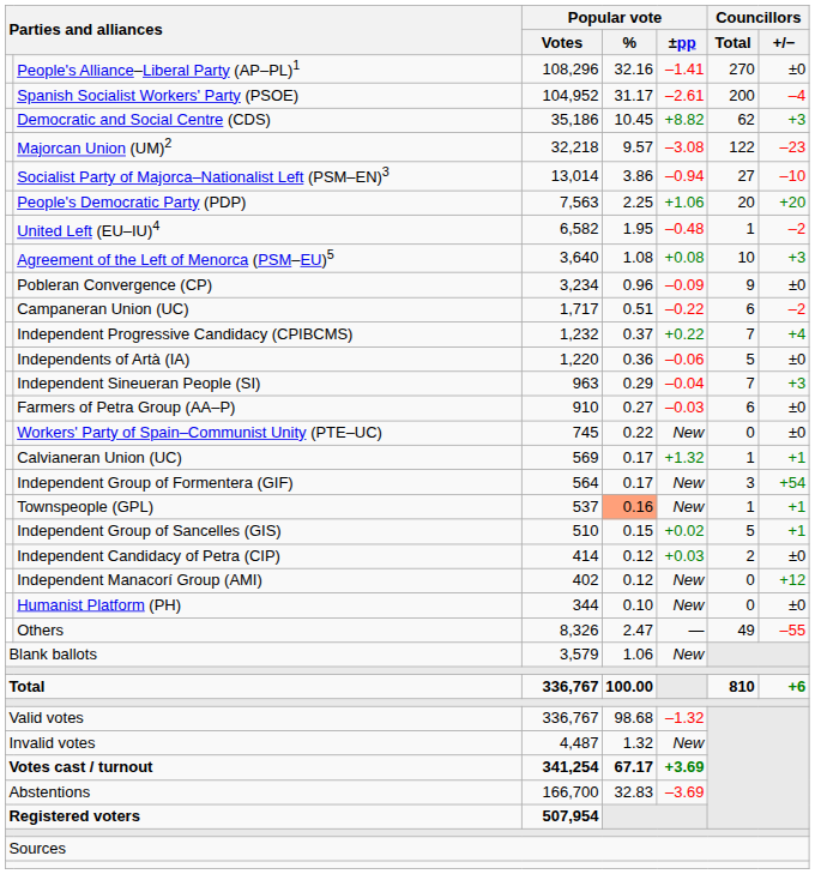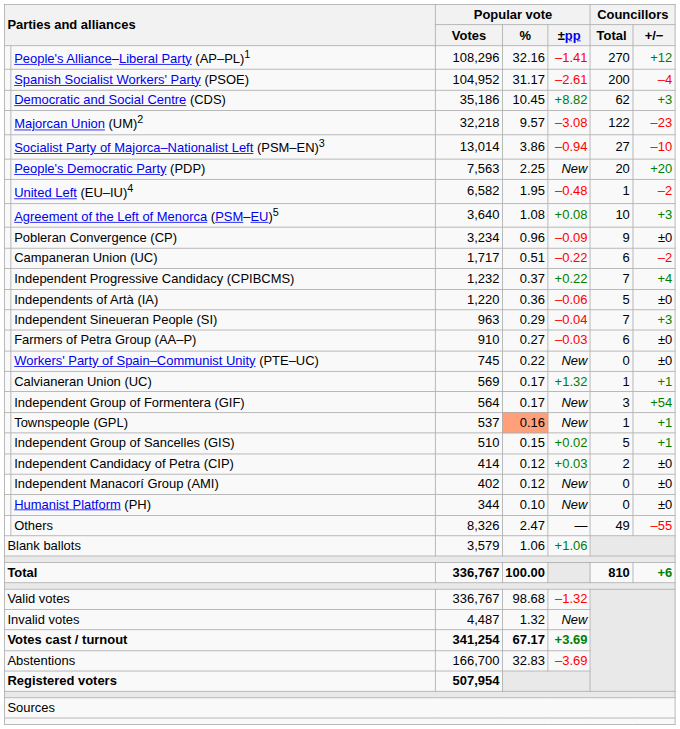 <table class="wikitable" style="text-align:right;">
 <tr>
 <th style="text-align:left;" rowspan="2" colspan="2" width="525">Parties and alliances</th>
 <th colspan="3">Popular vote</th>
 <th colspan="2">Councillors</th>
 </tr>
 <tr>
 <th width="75">Votes</th>
 <th width="45">%</th>
 <th width="45">±<a href='#'>pp</a></th>
 <th width="45">Total</th>
 <th width="45">+/−</th>
 </tr>
 <tr>
 <td width="1" style="color:inherit;background:"></td>
 <td align="left"><a href='#'>People's Alliance</a>–<a href='#'>Liberal Party</a> (AP–PL)<sup>1</sup></td>
 <td>108,296</td>
 <td>32.16</td>
 <td style="color:red;">–1.41</td>
 <td>270</td>
-<td>±0</td>
+<td style="color:green;">+12</td>
 </tr>
 <tr>
 <td style="color:inherit;background:"></td>
 <td align="left"><a href='#'>Spanish Socialist Workers' Party</a> (PSOE)</td>
 <td>104,952</td>
 <td>31.17</td>
 <td style="color:red;">–2.61</td>
 <td>200</td>
 <td style="color:red;">–4</td>
 </tr>
 <tr>
 <td style="color:inherit;background:"></td>
 <td align="left"><a href='#'>Democratic and Social Centre</a> (CDS)</td>
 <td>35,186</td>
 <td>10.45</td>
 <td style="color:green;">+8.82</td>
 <td>62</td>
 <td style="color:green;">+3</td>
 </tr>
 <tr>
 <td style="color:inherit;background:"></td>
 <td align="left"><a href='#'>Majorcan Union</a> (UM)<sup>2</sup></td>
 <td>32,218</td>
 <td>9.57</td>
 <td style="color:red;">–3.08</td>
 <td>122</td>
 <td style="color:red;">–23</td>
 </tr>
 <tr>
 <td style="color:inherit;background:"></td>
 <td align="left"><a href='#'>Socialist Party of Majorca–Nationalist Left</a> (PSM–EN)<sup>3</sup></td>
 <td>13,014</td>
 <td>3.86</td>
 <td style="color:red;">–0.94</td>
 <td>27</td>
 <td style="color:red;">–10</td>
 </tr>
 <tr>
 <td style="color:inherit;background:"></td>
 <td align="left"><a href='#'>People's Democratic Party</a> (PDP)</td>
 <td>7,563</td>
 <td>2.25</td>
-<td style="color:green;">+1.06</td>
+<td><em>New</em></td>
 <td>20</td>
 <td style="color:green;">+20</td>
 </tr>
 <tr>
 <td style="color:inherit;background:"></td>
 <td align="left"><a href='#'>United Left</a> (EU–IU)<sup>4</sup></td>
 <td>6,582</td>
 <td>1.95</td>
 <td style="color:red;">–0.48</td>
 <td>1</td>
 <td style="color:red;">–2</td>
 </tr>
 <tr>
 <td style="color:inherit;background:"></td>
 <td align="left"><a href='#'>Agreement of the Left of Menorca</a> (<a href='#'>PSM</a>–<a href='#'>EU</a>)<sup>5</sup></td>
 <td>3,640</td>
 <td>1.08</td>
 <td style="color:green;">+0.08</td>
 <td>10</td>
 <td style="color:green;">+3</td>
 </tr>
 <tr>
 <td style="color:inherit;background:"></td>
 <td align="left">Pobleran Convergence (CP)</td>
 <td>3,234</td>
 <td>0.96</td>
 <td style="color:red;">–0.09</td>
 <td>9</td>
 <td>±0</td>
 </tr>
 <tr>
 <td style="color:inherit;background:"></td>
 <td align="left">Campaneran Union (UC)</td>
 <td>1,717</td>
 <td>0.51</td>
 <td style="color:red;">–0.22</td>
 <td>6</td>
 <td style="color:red;">–2</td>
 </tr>
 <tr>
 <td style="color:inherit;background:"></td>
 <td align="left">Independent Progressive Candidacy (CPIBCMS)</td>
 <td>1,232</td>
 <td>0.37</td>
 <td style="color:green;">+0.22</td>
 <td>7</td>
 <td style="color:green;">+4</td>
 </tr>
 <tr>
 <td style="color:inherit;background:"></td>
 <td align="left">Independents of Artà (IA)</td>
 <td>1,220</td>
 <td>0.36</td>
 <td style="color:red;">–0.06</td>
 <td>5</td>
 <td>±0</td>
 </tr>
 <tr>
 <td style="color:inherit;background:"></td>
 <td align="left">Independent Sineueran People (SI)</td>
 <td>963</td>
 <td>0.29</td>
 <td style="color:red;">–0.04</td>
 <td>7</td>
 <td style="color:green;">+3</td>
 </tr>
 <tr>
 <td style="color:inherit;background:"></td>
 <td align="left">Farmers of Petra Group (AA–P)</td>
 <td>910</td>
 <td>0.27</td>
 <td style="color:red;">–0.03</td>
 <td>6</td>
 <td>±0</td>
 </tr>
 <tr>
 <td style="color:inherit;background:"></td>
 <td align="left"><a href='#'>Workers' Party of Spain–Communist Unity</a> (PTE–UC)</td>
 <td>745</td>
 <td>0.22</td>
 <td><em>New</em></td>
 <td>0</td>
 <td>±0</td>
 </tr>
 <tr>
 <td style="color:inherit;background:"></td>
 <td align="left">Calvianeran Union (UC)</td>
 <td>569</td>
 <td>0.17</td>
 <td style="color:green;">+1.32</td>
 <td>1</td>
 <td style="color:green;">+1</td>
 </tr>
 <tr>
 <td style="color:inherit;background:"></td>
 <td align="left">Independent Group of Formentera (GIF)</td>
 <td>564</td>
 <td>0.17</td>
 <td><em>New</em></td>
 <td>3</td>
 <td style="color:green;">+54</td>
 </tr>
 <tr>
 <td style="color:inherit;background:"></td>
 <td align="left">Townspeople (GPL)</td>
 <td>537</td>
 <td style="background: lightsalmon;">0.16</td>
 <td><em>New</em></td>
 <td>1</td>
 <td style="color:green;">+1</td>
 </tr>
 <tr>
 <td style="color:inherit;background:"></td>
 <td align="left">Independent Group of Sancelles (GIS)</td>
 <td>510</td>
 <td>0.15</td>
 <td style="color:green;">+0.02</td>
 <td>5</td>
 <td style="color:green;">+1</td>
 </tr>
 <tr>
 <td style="color:inherit;background:"></td>
 <td align="left">Independent Candidacy of Petra (CIP)</td>
 <td>414</td>
 <td>0.12</td>
 <td style="color:green;">+0.03</td>
 <td>2</td>
 <td>±0</td>
 </tr>
 <tr>
 <td bgcolor="white"></td>
 <td align="left">Independent Manacorí Group (AMI)</td>
 <td>402</td>
 <td>0.12</td>
 <td><em>New</em></td>
 <td>0</td>
-<td style="color:green;">+12</td>
+<td>±0</td>
 </tr>
 <tr>
 <td style="color:inherit;background:"></td>
 <td align="left"><a href='#'>Humanist Platform</a> (PH)</td>
 <td>344</td>
 <td>0.10</td>
 <td><em>New</em></td>
 <td>0</td>
 <td>±0</td>
 </tr>
 <tr>
 <td bgcolor="white"></td>
 <td align="left">Others</td>
 <td>8,326</td>
 <td>2.47</td>
 <td>—</td>
 <td>49</td>
 <td style="color:red;">–55</td>
 </tr>
 <tr>
 <td align="left" colspan="2">Blank ballots</td>
 <td>3,579</td>
 <td>1.06</td>
-<td><em>New</em></td>
+<td style="color:green;">+1.06</td>
 <td bgcolor="#E9E9E9" colspan="2"></td>
 </tr>
 <tr>
 <td colspan="7" bgcolor="#E9E9E9"></td>
 </tr>
 <tr style="font-weight:bold;">
 <td align="left" colspan="2">Total</td>
 <td>336,767</td>
 <td>100.00</td>
 <td bgcolor="#E9E9E9"></td>
 <td>810</td>
 <td style="color:green;">+6</td>
 </tr>
 <tr>
 <td colspan="7" bgcolor="#E9E9E9"></td>
 </tr>
 <tr>
 <td align="left" colspan="2">Valid votes</td>
 <td>336,767</td>
 <td>98.68</td>
 <td style="color:red;">–1.32</td>
 <td bgcolor="#E9E9E9" colspan="2" rowspan="5"></td>
 </tr>
 <tr>
 <td align="left" colspan="2">Invalid votes</td>
 <td>4,487</td>
 <td>1.32</td>
 <td><em>New</em></td>
 </tr>
 <tr style="font-weight:bold;">
 <td align="left" colspan="2">Votes cast / turnout</td>
 <td>341,254</td>
 <td>67.17</td>
 <td style="color:green;">+3.69</td>
 </tr>
 <tr>
 <td align="left" colspan="2">Abstentions</td>
 <td>166,700</td>
 <td>32.83</td>
 <td style="color:red;">–3.69</td>
 </tr>
 <tr style="font-weight:bold;">
 <td align="left" colspan="2">Registered voters</td>
 <td>507,954</td>
 <td bgcolor="#E9E9E9" colspan="2"></td>
 </tr>
 <tr>
 <td colspan="7" bgcolor="#E9E9E9"></td>
 </tr>
 <tr>
 <td align="left" colspan="7">Sources</td>
 </tr>
 <tr>
 <td colspan="7" style="text-align:left; max-width:790px;"></td>
 </tr>
 </table>
